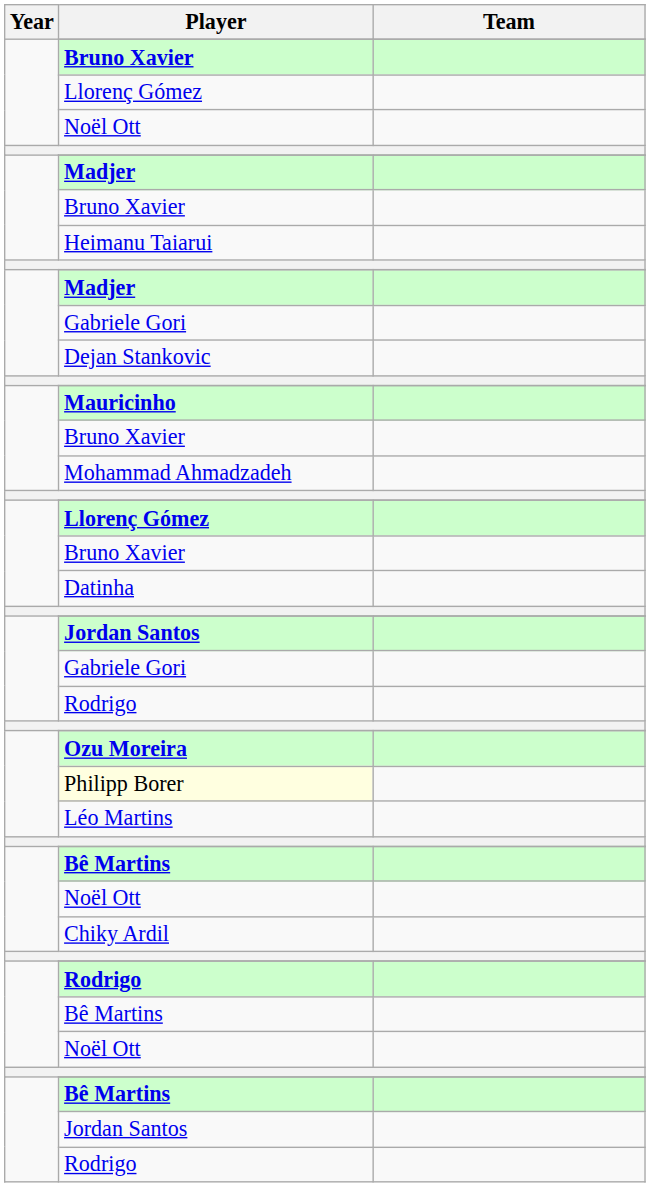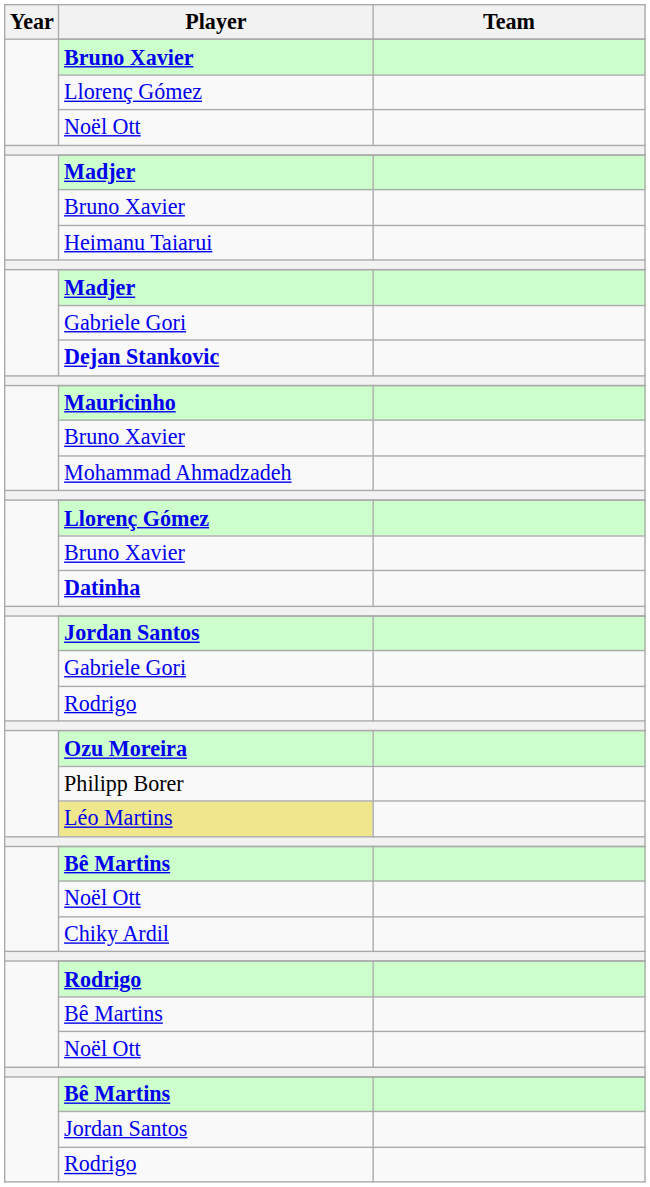 <table class="wikitable">
 <tr>
 <th>Year</th>
 <th width=220>Player</th>
 <th width=190>Team</th>
 </tr>
 <tr>
 <td rowspan="4"></td>
 </tr>
 <tr bgcolor=#ccffcc>
 <td><strong><a href='#'>Bruno Xavier</a></strong></td>
 <td><strong></strong></td>
 </tr>
 <tr>
 <td><a href='#'>Llorenç Gómez</a></td>
 <td></td>
 </tr>
 <tr>
 <td><a href='#'>Noël Ott</a></td>
 <td></td>
 </tr>
 <tr>
 <th colspan=3></th>
 </tr>
 <tr>
 <td rowspan="4"></td>
 </tr>
 <tr bgcolor=#ccffcc>
 <td><strong><a href='#'>Madjer</a></strong></td>
 <td><strong></strong></td>
 </tr>
 <tr>
 <td><a href='#'>Bruno Xavier</a></td>
 <td></td>
 </tr>
 <tr>
 <td><a href='#'>Heimanu Taiarui</a></td>
 <td></td>
 </tr>
 <tr>
 <th colspan=3></th>
 </tr>
 <tr>
 <td rowspan="4"></td>
 </tr>
 <tr bgcolor=#ccffcc>
 <td><strong><a href='#'>Madjer</a></strong></td>
 <td><strong></strong></td>
 </tr>
 <tr>
 <td><a href='#'>Gabriele Gori</a></td>
 <td></td>
 </tr>
 <tr>
-<td><a href='#'>Dejan Stankovic</a></td>
+<td><strong><a href='#'>Dejan Stankovic</a></strong></td>
 <td></td>
 </tr>
 <tr>
 <th colspan=3></th>
 </tr>
 <tr>
 <td rowspan="4"></td>
 </tr>
 <tr bgcolor=#ccffcc>
 <td><strong><a href='#'>Mauricinho</a></strong></td>
 <td><strong></strong></td>
 </tr>
 <tr>
 <td><a href='#'>Bruno Xavier</a></td>
 <td></td>
 </tr>
 <tr>
 <td><a href='#'>Mohammad Ahmadzadeh</a></td>
 <td></td>
 </tr>
 <tr>
 <th colspan=3></th>
 </tr>
 <tr>
 <td rowspan="4"></td>
 </tr>
 <tr bgcolor=#ccffcc>
 <td><strong><a href='#'>Llorenç Gómez</a></strong></td>
 <td><strong></strong></td>
 </tr>
 <tr>
 <td><a href='#'>Bruno Xavier</a></td>
 <td></td>
 </tr>
 <tr>
-<td><a href='#'>Datinha</a></td>
+<td><strong><a href='#'>Datinha</a></strong></td>
 <td></td>
 </tr>
 <tr>
 <th colspan=3></th>
 </tr>
 <tr>
 <td rowspan="4"></td>
 </tr>
 <tr bgcolor=#ccffcc>
 <td><strong><a href='#'>Jordan Santos</a></strong></td>
 <td><strong></strong></td>
 </tr>
 <tr>
 <td><a href='#'>Gabriele Gori</a></td>
 <td></td>
 </tr>
 <tr>
 <td><a href='#'>Rodrigo</a></td>
 <td></td>
 </tr>
 <tr>
 <th colspan=3></th>
 </tr>
 <tr>
 <td rowspan="4"></td>
 </tr>
 <tr bgcolor=#ccffcc>
 <td><strong><a href='#'>Ozu Moreira</a></strong></td>
 <td><strong></strong></td>
 </tr>
 <tr>
-<td style="background: lightyellow;">Philipp Borer</td>
+<td>Philipp Borer</td>
 <td></td>
 </tr>
 <tr>
-<td><a href='#'>Léo Martins</a></td>
+<td style="background: khaki;"><a href='#'>Léo Martins</a></td>
 <td></td>
 </tr>
 <tr>
 <th colspan=3></th>
 </tr>
 <tr>
 <td rowspan="4"></td>
 </tr>
 <tr bgcolor=#ccffcc>
 <td><strong><a href='#'>Bê Martins</a></strong></td>
 <td><strong></strong></td>
 </tr>
 <tr>
 <td><a href='#'>Noël Ott</a></td>
 <td></td>
 </tr>
 <tr>
 <td><a href='#'>Chiky Ardil</a></td>
 <td></td>
 </tr>
 <tr>
 <th colspan=3></th>
 </tr>
 <tr>
 <td rowspan="4"></td>
 </tr>
 <tr bgcolor=#ccffcc>
 <td><strong><a href='#'>Rodrigo</a></strong></td>
 <td><strong></strong></td>
 </tr>
 <tr>
 <td><a href='#'>Bê Martins</a></td>
 <td></td>
 </tr>
 <tr>
 <td><a href='#'>Noël Ott</a></td>
 <td></td>
 </tr>
 <tr>
 <th colspan=3></th>
 </tr>
 <tr>
 <td rowspan="4"></td>
 </tr>
 <tr bgcolor=#ccffcc>
 <td><strong><a href='#'>Bê Martins</a></strong></td>
 <td><strong></strong></td>
 </tr>
 <tr>
 <td><a href='#'>Jordan Santos</a></td>
 <td></td>
 </tr>
 <tr>
 <td><a href='#'>Rodrigo</a></td>
 <td></td>
 </tr>
 </table>
